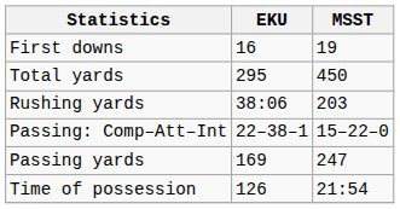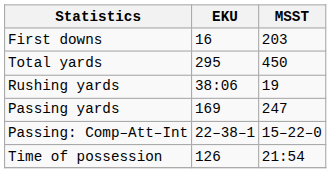 <table class="wikitable" style="float: left;">
 <tr>
 <th>Statistics</th>
 <th>EKU</th>
 <th>MSST</th>
 </tr>
 <tr>
 <td>First downs</td>
 <td>16</td>
-<td>19</td>
+<td>203</td>
 </tr>
 <tr>
 <td>Total yards</td>
 <td>295</td>
 <td>450</td>
 </tr>
 <tr>
 <td>Rushing yards</td>
 <td>38:06</td>
-<td>203</td>
+<td>19</td>
+</tr>
+<tr>
+<td>Passing yards</td>
+<td>169</td>
+<td>247</td>
 </tr>
 <tr>
 <td>Passing: Comp–Att–Int</td>
 <td>22–38–1</td>
 <td>15–22–0</td>
-</tr>
-<tr>
-<td>Passing yards</td>
-<td>169</td>
-<td>247</td>
 </tr>
 <tr>
 <td>Time of possession</td>
 <td>126</td>
 <td>21:54</td>
 </tr>
 <tr>
 </tr>
 </table>
